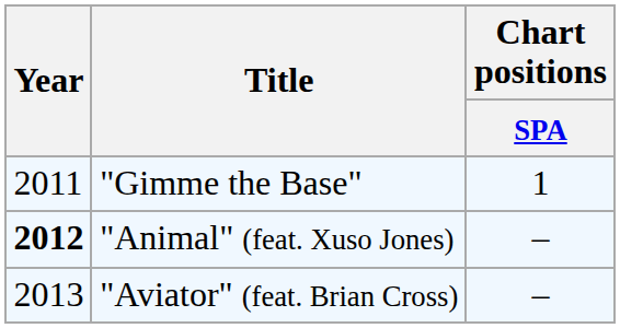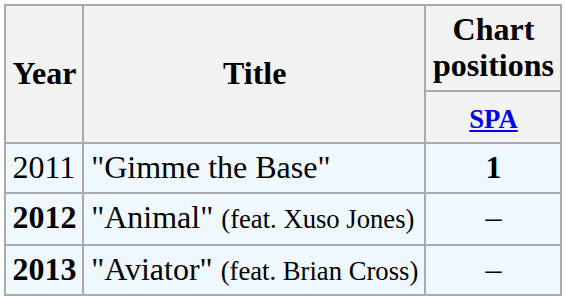 <table class="wikitable">
 <tr>
 <th rowspan="2">Year</th>
 <th rowspan="2">Title</th>
 <th colspan="1">Chart positions</th>
 </tr>
 <tr>
 <th width="40"><small><a href='#'>SPA</a></small></th>
 </tr>
 <tr bgcolor="#F0F8FF">
 <td>2011</td>
 <td>"Gimme the Base"</td>
-<td align="center">1</td>
+<td align="center"><strong>1</strong></td>
 </tr>
 <tr bgcolor="#F0F8FF">
 <td><strong>2012</strong></td>
 <td>"Animal" <small>(feat. Xuso Jones)</small></td>
 <td align="center">–</td>
 </tr>
 <tr bgcolor="#FOF8FF">
-<td>2013</td>
+<td><strong>2013</strong></td>
 <td>"Aviator" <small>(feat. Brian Cross)</small></td>
 <td align="center">–</td>
 </tr>
 </table>
